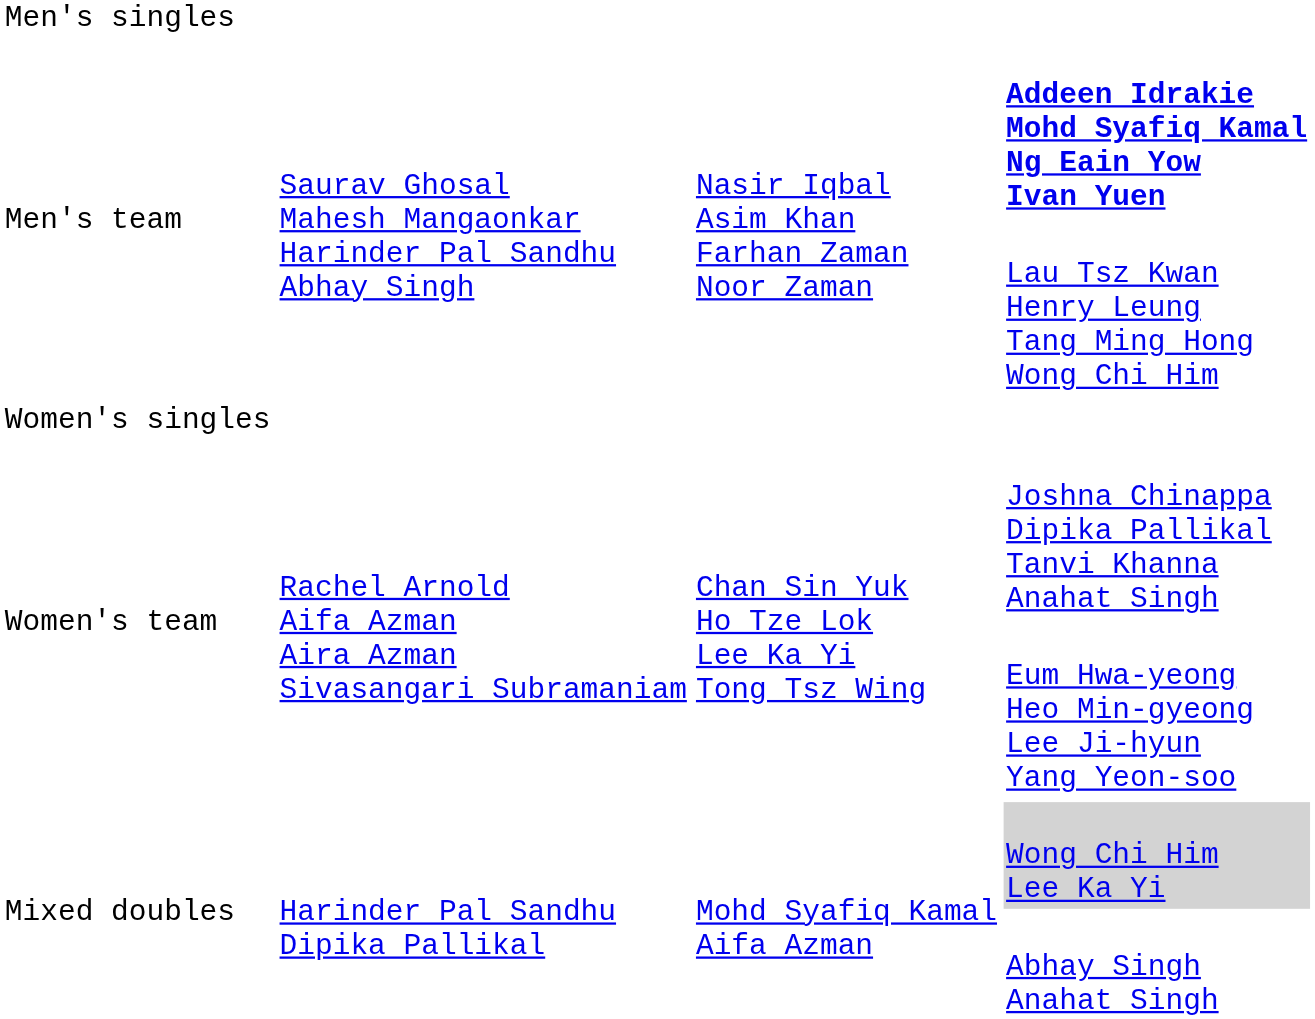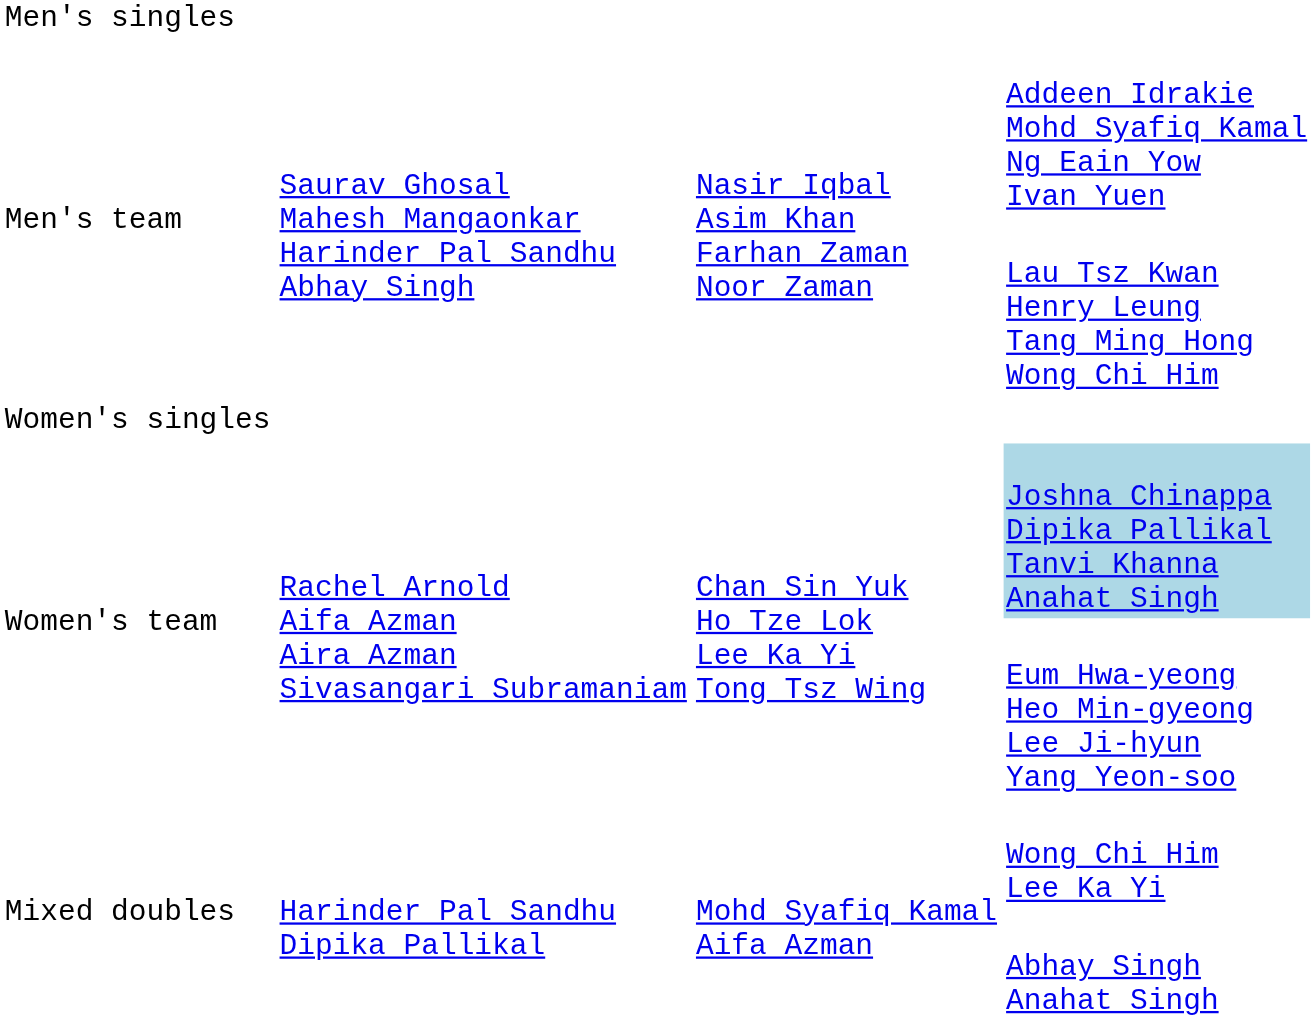 <table>
 <tr>
 <td rowspan=2>Men's singles<br></td>
 <td rowspan=2></td>
 <td rowspan=2></td>
 <td></td>
 </tr>
 <tr>
 <td></td>
 </tr>
 <tr>
 <td rowspan=2>Men's team<br></td>
 <td rowspan=2><br><a href='#'>Saurav Ghosal</a><br><a href='#'>Mahesh Mangaonkar</a><br><a href='#'>Harinder Pal Sandhu</a><br><a href='#'>Abhay Singh</a></td>
 <td rowspan=2><br><a href='#'>Nasir Iqbal</a><br><a href='#'>Asim Khan</a><br><a href='#'>Farhan Zaman</a><br><a href='#'>Noor Zaman</a></td>
-<td><strong><br><a href='#'>Addeen Idrakie</a><br><a href='#'>Mohd Syafiq Kamal</a><br><a href='#'>Ng Eain Yow</a><br><a href='#'>Ivan Yuen</a></strong></td>
+<td><br><a href='#'>Addeen Idrakie</a><br><a href='#'>Mohd Syafiq Kamal</a><br><a href='#'>Ng Eain Yow</a><br><a href='#'>Ivan Yuen</a></td>
 </tr>
 <tr>
 <td><br><a href='#'>Lau Tsz Kwan</a><br><a href='#'>Henry Leung</a><br><a href='#'>Tang Ming Hong</a><br><a href='#'>Wong Chi Him</a></td>
 </tr>
 <tr>
 <td rowspan=2>Women's singles<br></td>
 <td rowspan=2></td>
 <td rowspan=2></td>
 <td></td>
 </tr>
 <tr>
 <td></td>
 </tr>
 <tr>
 <td rowspan=2>Women's team<br></td>
 <td rowspan=2><br><a href='#'>Rachel Arnold</a><br><a href='#'>Aifa Azman</a><br><a href='#'>Aira Azman</a><br><a href='#'>Sivasangari Subramaniam</a></td>
 <td rowspan=2><br><a href='#'>Chan Sin Yuk</a><br><a href='#'>Ho Tze Lok</a><br><a href='#'>Lee Ka Yi</a><br><a href='#'>Tong Tsz Wing</a></td>
-<td><br><a href='#'>Joshna Chinappa</a><br><a href='#'>Dipika Pallikal</a><br><a href='#'>Tanvi Khanna</a><br><a href='#'>Anahat Singh</a></td>
+<td style="background: lightblue;"><br><a href='#'>Joshna Chinappa</a><br><a href='#'>Dipika Pallikal</a><br><a href='#'>Tanvi Khanna</a><br><a href='#'>Anahat Singh</a></td>
 </tr>
 <tr>
 <td><br><a href='#'>Eum Hwa-yeong</a><br><a href='#'>Heo Min-gyeong</a><br><a href='#'>Lee Ji-hyun</a><br><a href='#'>Yang Yeon-soo</a></td>
 </tr>
 <tr>
 <td rowspan=2>Mixed doubles<br></td>
 <td rowspan=2><br><a href='#'>Harinder Pal Sandhu</a><br><a href='#'>Dipika Pallikal</a></td>
 <td rowspan=2><br><a href='#'>Mohd Syafiq Kamal</a><br><a href='#'>Aifa Azman</a></td>
-<td style="background: lightgrey;"><br><a href='#'>Wong Chi Him</a><br><a href='#'>Lee Ka Yi</a></td>
+<td><br><a href='#'>Wong Chi Him</a><br><a href='#'>Lee Ka Yi</a></td>
 </tr>
 <tr>
 <td><br><a href='#'>Abhay Singh</a><br><a href='#'>Anahat Singh</a></td>
 </tr>
 </table>
